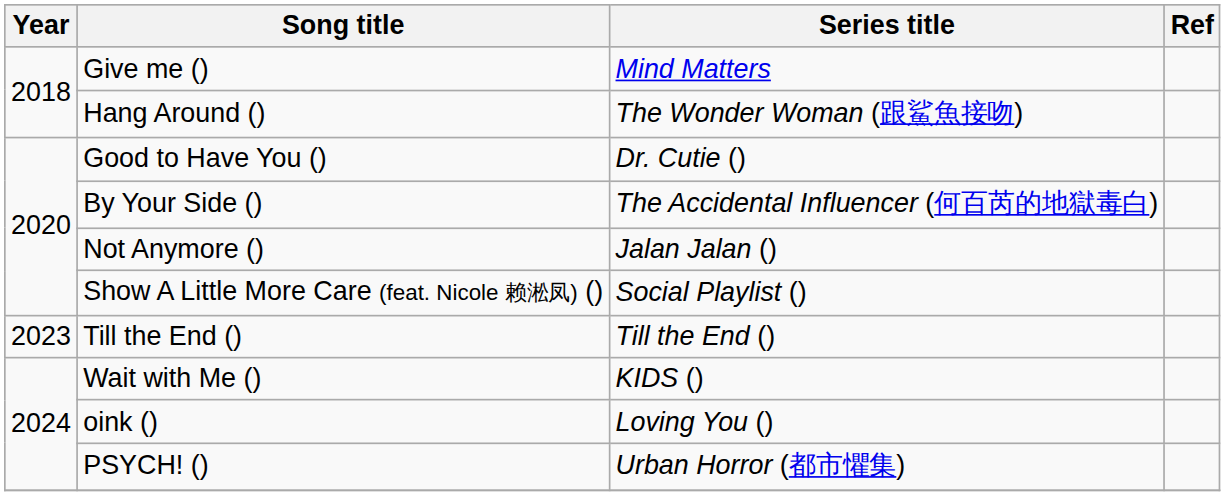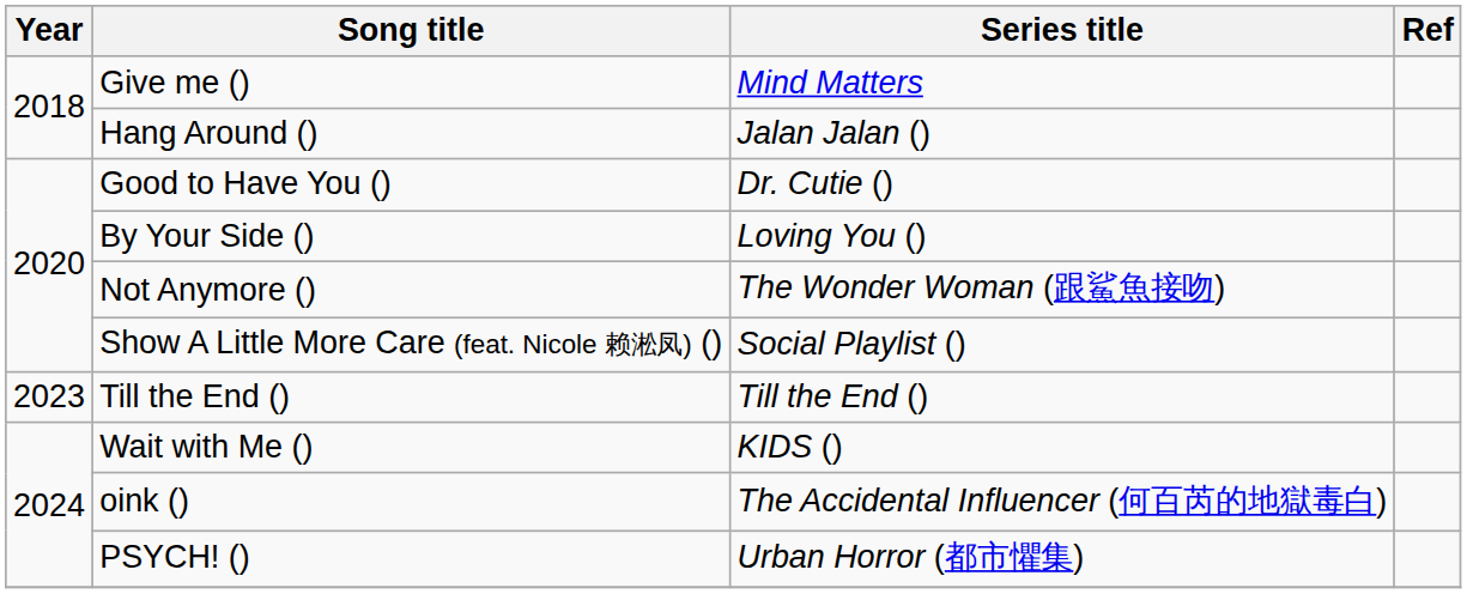 <table class="wikitable sortable">
 <tr>
 <th>Year</th>
 <th>Song title</th>
 <th>Series title</th>
 <th class="unsortable">Ref</th>
 </tr>
 <tr>
 <td rowspan=2>2018</td>
 <td>Give me ()</td>
 <td><em><a href='#'>Mind Matters</a></em></td>
 <td></td>
 </tr>
 <tr>
 <td>Hang Around ()</td>
-<td><em>The Wonder Woman</em> (<a href='#'>跟鯊魚接吻</a>)</td>
+<td><em>Jalan Jalan</em> ()</td>
 <td></td>
 </tr>
 <tr>
 <td rowspan=4>2020</td>
 <td>Good to Have You ()</td>
 <td><em>Dr. Cutie</em> ()</td>
 <td></td>
 </tr>
 <tr>
 <td>By Your Side ()</td>
-<td><em>The Accidental Influencer</em> (<a href='#'>何百芮的地獄毒白</a>)</td>
+<td><em>Loving You</em> ()</td>
 <td></td>
 </tr>
 <tr>
 <td>Not Anymore ()</td>
-<td><em>Jalan Jalan</em> ()</td>
+<td><em>The Wonder Woman</em> (<a href='#'>跟鯊魚接吻</a>)</td>
 <td></td>
 </tr>
 <tr>
 <td>Show A Little More Care <small>(feat. Nicole 赖淞凤)</small> ()</td>
 <td><em>Social Playlist</em> ()</td>
 <td></td>
 </tr>
 <tr>
 <td rowspan=1>2023</td>
 <td>Till the End ()</td>
 <td><em>Till the End</em> ()</td>
 <td></td>
 </tr>
 <tr>
 <td rowspan=3>2024</td>
 <td>Wait with Me ()</td>
 <td><em>KIDS</em> ()</td>
 <td></td>
 </tr>
 <tr>
 <td>oink ()</td>
-<td><em>Loving You</em> ()</td>
+<td><em>The Accidental Influencer</em> (<a href='#'>何百芮的地獄毒白</a>)</td>
 <td></td>
 </tr>
 <tr>
 <td>PSYCH! ()</td>
 <td><em>Urban Horror</em> (<a href='#'>都市懼集</a>)</td>
 <td></td>
 </tr>
 <tr>
 </tr>
 </table>
